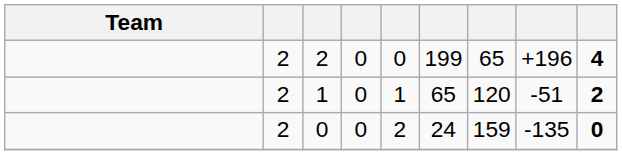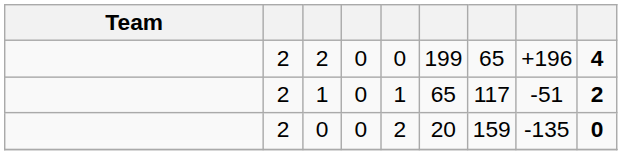 <table class=wikitable style="text-align:center">
 <tr>
 <th width=175>Team</th>
 <th width=20 abbr=Played></th>
 <th width=20 abbr=Won></th>
 <th width=20 abbr=Drawn></th>
 <th width=20 abbr=Lost></th>
 <th width=20 abbr=Goal For></th>
 <th width=20 abbr=Goal Against></th>
 <th width=20 abbr=Goal Difference></th>
 <th width=20 abbr=Points></th>
 </tr>
 <tr>
 <td align=left></td>
 <td>2</td>
 <td>2</td>
 <td>0</td>
 <td>0</td>
 <td>199</td>
 <td>65</td>
 <td>+196</td>
 <td><strong>4</strong></td>
 </tr>
 <tr>
 <td align=left></td>
 <td>2</td>
 <td>1</td>
 <td>0</td>
 <td>1</td>
 <td>65</td>
-<td>120</td>
+<td>117</td>
 <td>-51</td>
 <td><strong>2</strong></td>
 </tr>
 <tr>
 <td align=left></td>
 <td>2</td>
 <td>0</td>
 <td>0</td>
 <td>2</td>
-<td>24</td>
+<td>20</td>
 <td>159</td>
 <td>-135</td>
 <td><strong>0</strong></td>
 </tr>
 <tr>
 </tr>
 </table>
